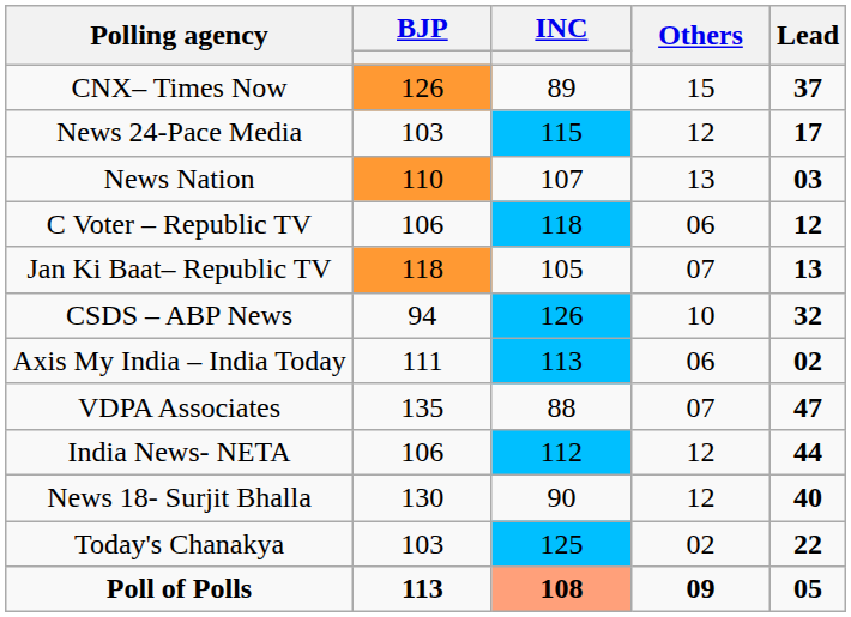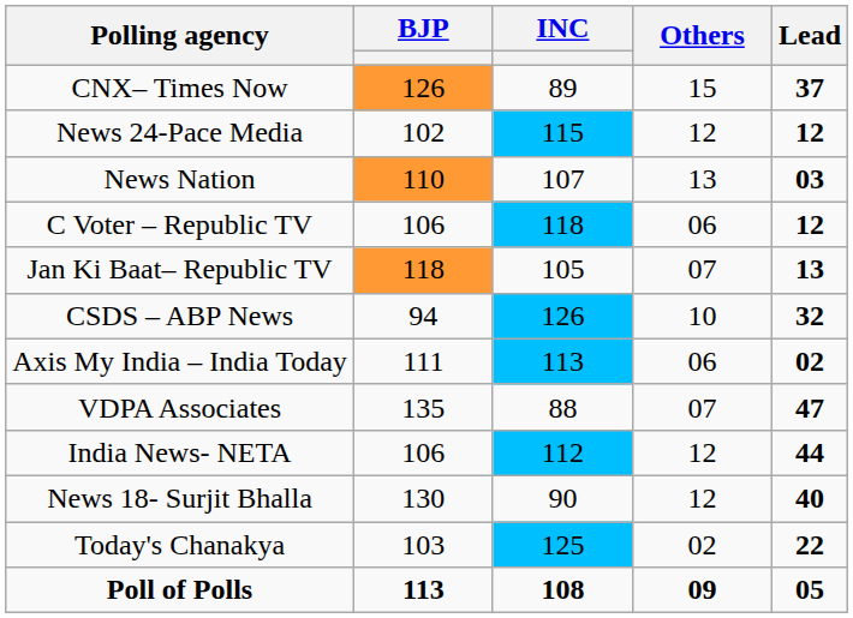 <table class="wikitable collapsible sortable" style="text-align:center">
 <tr>
 <th rowspan="2">Polling agency</th>
 <th width="70px"><a href='#'>BJP</a></th>
 <th width="70px"><a href='#'>INC</a></th>
 <th rowspan="2" width="70px"><a href='#'>Others</a></th>
 <th rowspan="2">Lead</th>
 </tr>
 <tr>
 <th Style="background:"></th>
 <th Style="background:"></th>
 </tr>
 <tr>
 <td>CNX– Times Now</td>
 <td style="background:#FF9933">126</td>
 <td>89</td>
 <td>15</td>
 <td Style="background:"><span><strong>37</strong></span></td>
 </tr>
 <tr>
 <td>News 24-Pace Media</td>
-<td>103</td>
+<td>102</td>
 <td Style="background:#00BFFF">115</td>
 <td>12</td>
-<td Style="background:"><span><strong>17</strong></span></td>
+<td Style="background:"><span><strong>12</strong></span></td>
 </tr>
 <tr>
 <td>News Nation</td>
 <td style="background:#FF9933">110</td>
 <td>107</td>
 <td>13</td>
 <td Style="background:"><span><strong>03</strong></span></td>
 </tr>
 <tr>
 <td>C Voter – Republic TV</td>
 <td>106</td>
 <td Style="background:#00BFFF">118</td>
 <td>06</td>
 <td Style="background:"><span><strong>12</strong></span></td>
 </tr>
 <tr>
 <td>Jan Ki Baat– Republic TV</td>
 <td style="background:#FF9933">118</td>
 <td>105</td>
 <td>07</td>
 <td Style="background:"><span><strong>13</strong></span></td>
 </tr>
 <tr>
 <td>CSDS – ABP News</td>
 <td>94</td>
 <td Style="background:#00BFFF">126</td>
 <td>10</td>
 <td Style="background:"><span><strong>32</strong></span></td>
 </tr>
 <tr>
 <td>Axis My India – India Today</td>
 <td>111</td>
 <td Style="background:#00BFFF">113</td>
 <td>06</td>
 <td Style="background:"><span><strong>02</strong></span></td>
 </tr>
 <tr>
 <td>VDPA Associates</td>
 <td Style="background:">135</td>
 <td>88</td>
 <td>07</td>
 <td Style="background:"><span><strong>47</strong></span></td>
 </tr>
 <tr>
 <td>India News- NETA</td>
 <td>106</td>
 <td Style="background:#00BFFF">112</td>
 <td>12</td>
 <td Style="background:"><span><strong>44</strong></span></td>
 </tr>
 <tr>
 <td>News 18- Surjit Bhalla</td>
 <td Style="background:">130</td>
 <td>90</td>
 <td>12</td>
 <td Style="background:"><span><strong>40</strong></span></td>
 </tr>
 <tr>
 <td>Today's Chanakya</td>
 <td>103</td>
 <td Style="background:#00BFFF">125</td>
 <td>02</td>
 <td Style="background:"><span><strong>22</strong></span></td>
 </tr>
 <tr>
 <td><strong>Poll of Polls</strong></td>
 <td Style="background:"><strong>113</strong></td>
-<td style="background: lightsalmon;"><strong>108</strong></td>
+<td><strong>108</strong></td>
 <td><strong>09</strong></td>
 <td Style="background:"><span><strong>05</strong></span></td>
 </tr>
 </table>
